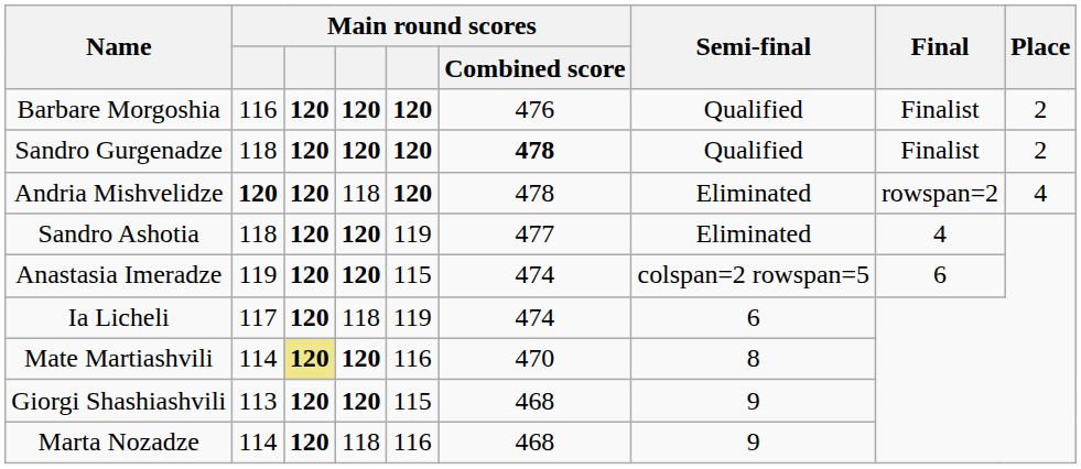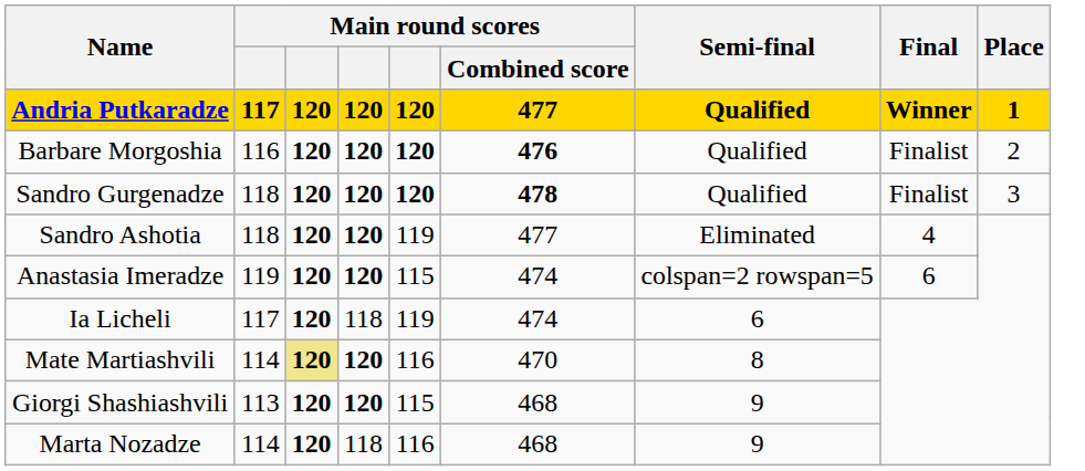 <table class="wikitable sortable" style="text-align:center">
 <tr>
 <th rowspan=2>Name</th>
 <th colspan=5>Main round scores</th>
 <th rowspan=2 class="unsortable">Semi-final</th>
 <th rowspan=2 class="unsortable">Final</th>
 <th rowspan=2>Place</th>
 </tr>
 <tr>
 <th></th>
 <th></th>
 <th></th>
 <th></th>
 <th>Combined score</th>
 </tr>
 <tr>
+<td bgcolor="gold"><strong><a href='#'>Andria Putkaradze</a></strong></td>
+<td bgcolor="gold"><strong>117</strong></td>
+<td bgcolor="gold"><strong>120</strong></td>
+<td bgcolor="gold"><strong>120</strong></td>
+<td bgcolor="gold"><strong>120</strong></td>
+<td bgcolor="gold"><strong>477</strong></td>
+<td bgcolor="gold"><strong>Qualified</strong></td>
+<td bgcolor="gold"><strong>Winner</strong></td>
+<td bgcolor="gold"><strong>1</strong></td>
+</tr>
+<tr>
 <td>Barbare Morgoshia</td>
 <td>116</td>
 <td><strong>120</strong></td>
 <td><strong>120</strong></td>
 <td><strong>120</strong></td>
-<td>476</td>
+<td><strong>476</strong></td>
 <td>Qualified</td>
 <td>Finalist</td>
 <td>2</td>
 </tr>
 <tr>
 <td>Sandro Gurgenadze</td>
 <td>118</td>
 <td><strong>120</strong></td>
 <td><strong>120</strong></td>
 <td><strong>120</strong></td>
 <td><strong>478</strong></td>
 <td>Qualified</td>
 <td>Finalist</td>
-<td>2</td>
-</tr>
-<tr>
-<td>Andria Mishvelidze</td>
-<td><strong>120</strong></td>
-<td><strong>120</strong></td>
-<td>118</td>
-<td><strong>120</strong></td>
-<td>478</td>
-<td>Eliminated</td>
-<td>rowspan=2 </td>
-<td>4</td>
+<td>3</td>
 </tr>
 <tr>
 <td>Sandro Ashotia</td>
 <td>118</td>
 <td><strong>120</strong></td>
 <td><strong>120</strong></td>
 <td>119</td>
 <td>477</td>
 <td>Eliminated</td>
 <td>4</td>
 </tr>
 <tr>
 <td>Anastasia Imeradze</td>
 <td>119</td>
 <td><strong>120</strong></td>
 <td><strong>120</strong></td>
 <td>115</td>
 <td>474</td>
 <td>colspan=2 rowspan=5 </td>
 <td>6</td>
 </tr>
 <tr>
 <td>Ia Licheli</td>
 <td>117</td>
 <td><strong>120</strong></td>
 <td>118</td>
 <td>119</td>
 <td>474</td>
 <td>6</td>
 </tr>
 <tr>
 <td>Mate Martiashvili</td>
 <td>114</td>
 <td style="background: khaki;"><strong>120</strong></td>
 <td><strong>120</strong></td>
 <td>116</td>
 <td>470</td>
 <td>8</td>
 </tr>
 <tr>
 <td>Giorgi Shashiashvili</td>
 <td>113</td>
 <td><strong>120</strong></td>
 <td><strong>120</strong></td>
 <td>115</td>
 <td>468</td>
 <td>9</td>
 </tr>
 <tr>
 <td>Marta Nozadze</td>
 <td>114</td>
 <td><strong>120</strong></td>
 <td>118</td>
 <td>116</td>
 <td>468</td>
 <td>9</td>
 </tr>
 </table>
